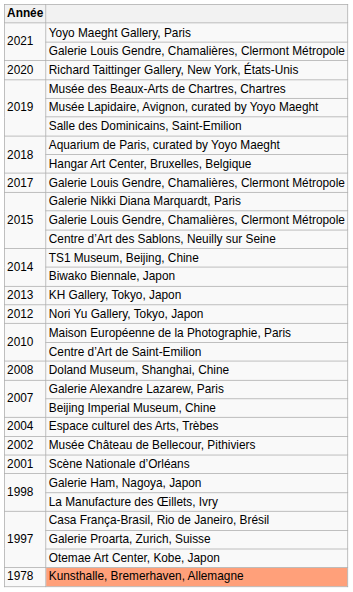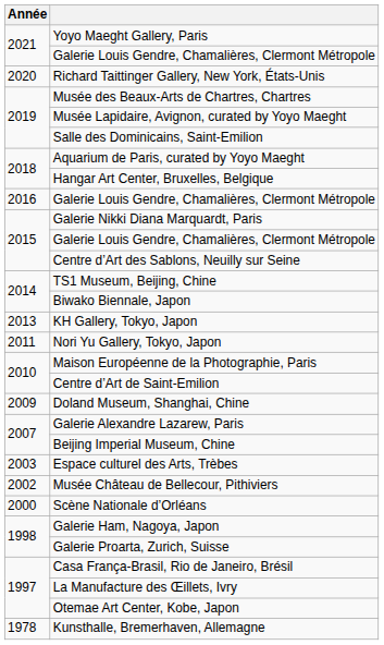 <table class="wikitable">
 <tr>
 <th>Année</th>
 <th></th>
 </tr>
 <tr>
 <td rowspan="2">2021</td>
 <td>Yoyo Maeght Gallery, Paris</td>
 </tr>
 <tr>
 <td>Galerie Louis Gendre, Chamalières, Clermont Métropole</td>
 </tr>
 <tr>
 <td>2020</td>
 <td>Richard Taittinger Gallery, New York, États-Unis</td>
 </tr>
 <tr>
 <td rowspan="3">2019</td>
 <td>Musée des Beaux-Arts de Chartres, Chartres</td>
 </tr>
 <tr>
 <td>Musée Lapidaire, Avignon, curated by Yoyo Maeght</td>
 </tr>
 <tr>
 <td>Salle des Dominicains, Saint-Emilion</td>
 </tr>
 <tr>
 <td rowspan="2">2018</td>
 <td>Aquarium de Paris, curated by Yoyo Maeght</td>
 </tr>
 <tr>
 <td>Hangar Art Center, Bruxelles, Belgique</td>
 </tr>
 <tr>
-<td>2017</td>
+<td>2016</td>
 <td>Galerie Louis Gendre, Chamalières, Clermont Métropole</td>
 </tr>
 <tr>
 <td rowspan="3">2015</td>
 <td>Galerie Nikki Diana Marquardt, Paris</td>
 </tr>
 <tr>
 <td>Galerie Louis Gendre, Chamalières, Clermont Métropole</td>
 </tr>
 <tr>
 <td>Centre d’Art des Sablons, Neuilly sur Seine</td>
 </tr>
 <tr>
 <td rowspan="2">2014</td>
 <td>TS1 Museum, Beijing, Chine</td>
 </tr>
 <tr>
 <td>Biwako Biennale, Japon</td>
 </tr>
 <tr>
 <td>2013</td>
 <td>KH Gallery, Tokyo, Japon</td>
 </tr>
 <tr>
-<td>2012</td>
+<td>2011</td>
 <td>Nori Yu Gallery, Tokyo, Japon</td>
 </tr>
 <tr>
 <td rowspan="2">2010</td>
 <td>Maison Européenne de la Photographie, Paris</td>
 </tr>
 <tr>
 <td>Centre d’Art de Saint-Emilion</td>
 </tr>
 <tr>
-<td>2008</td>
+<td>2009</td>
 <td>Doland Museum, Shanghai, Chine</td>
 </tr>
 <tr>
 <td rowspan="2">2007</td>
 <td>Galerie Alexandre Lazarew, Paris</td>
 </tr>
 <tr>
 <td>Beijing Imperial Museum, Chine</td>
 </tr>
 <tr>
-<td>2004</td>
+<td>2003</td>
 <td>Espace culturel des Arts, Trèbes</td>
 </tr>
 <tr>
 <td>2002</td>
 <td>Musée Château de Bellecour, Pithiviers</td>
 </tr>
 <tr>
-<td>2001</td>
+<td>2000</td>
 <td>Scène Nationale d’Orléans</td>
 </tr>
 <tr>
 <td rowspan="2">1998</td>
 <td>Galerie Ham, Nagoya, Japon</td>
 </tr>
 <tr>
-<td>La Manufacture des Œillets, Ivry</td>
+<td>Galerie Proarta, Zurich, Suisse</td>
 </tr>
 <tr>
 <td rowspan="3">1997</td>
 <td>Casa França-Brasil, Rio de Janeiro, Brésil</td>
 </tr>
 <tr>
-<td>Galerie Proarta, Zurich, Suisse</td>
+<td>La Manufacture des Œillets, Ivry</td>
 </tr>
 <tr>
 <td>Otemae Art Center, Kobe, Japon</td>
 </tr>
 <tr>
 <td>1978</td>
-<td style="background: lightsalmon;">Kunsthalle, Bremerhaven, Allemagne</td>
+<td>Kunsthalle, Bremerhaven, Allemagne</td>
 </tr>
 </table>
